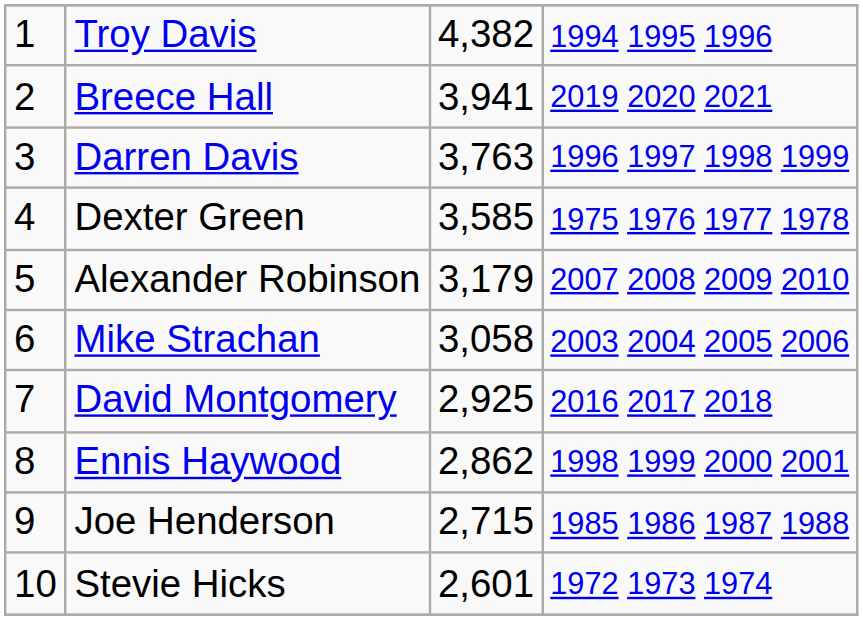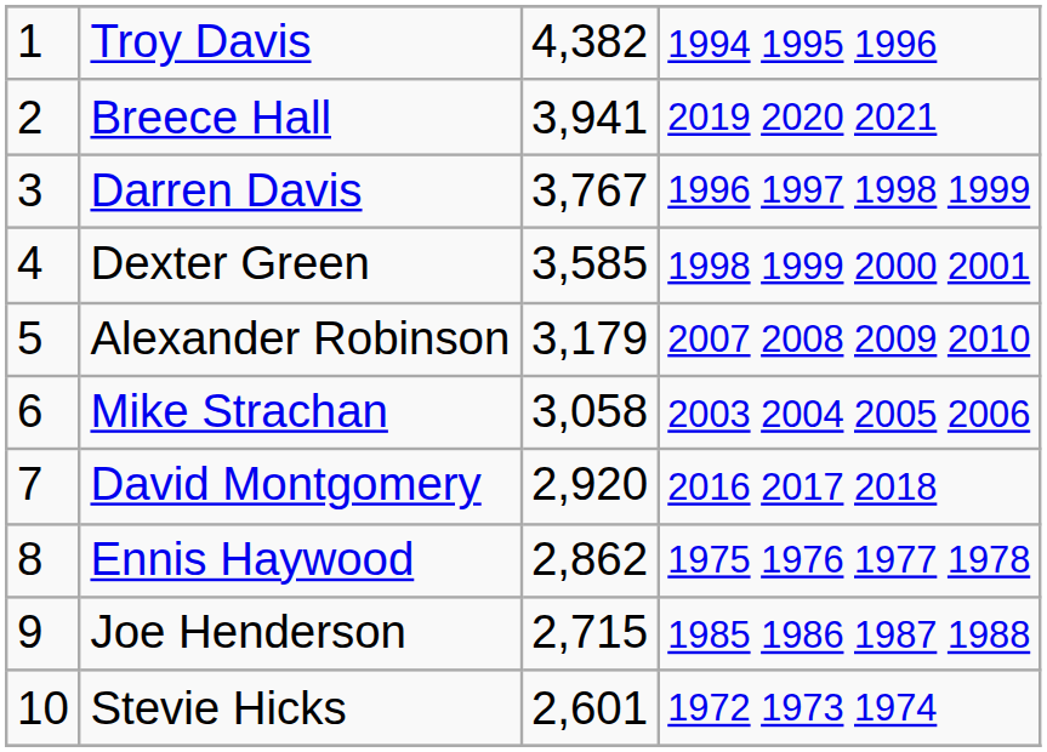 <table class="wikitable">
 <tr>
 </tr>
 <tr>
 <td>1</td>
 <td><a href='#'>Troy Davis</a></td>
 <td>4,382</td>
 <td style="font-size:80%;"><a href='#'>1994</a> <a href='#'>1995</a> <a href='#'>1996</a></td>
 </tr>
 <tr>
 <td>2</td>
 <td><a href='#'>Breece Hall</a></td>
 <td>3,941</td>
 <td style="font-size:80%;"><a href='#'>2019</a> <a href='#'>2020</a> <a href='#'>2021</a></td>
 </tr>
 <tr>
 <td>3</td>
 <td><a href='#'>Darren Davis</a></td>
-<td>3,763</td>
+<td>3,767</td>
 <td style="font-size:80%;"><a href='#'>1996</a> <a href='#'>1997</a> <a href='#'>1998</a> <a href='#'>1999</a></td>
 </tr>
 <tr>
 <td>4</td>
 <td>Dexter Green</td>
 <td>3,585</td>
-<td style="font-size:80%;"><a href='#'>1975</a> <a href='#'>1976</a> <a href='#'>1977</a> <a href='#'>1978</a></td>
+<td style="font-size:80%;"><a href='#'>1998</a> <a href='#'>1999</a> <a href='#'>2000</a> <a href='#'>2001</a></td>
 </tr>
 <tr>
 <td>5</td>
 <td>Alexander Robinson</td>
 <td>3,179</td>
 <td style="font-size:80%;"><a href='#'>2007</a> <a href='#'>2008</a> <a href='#'>2009</a> <a href='#'>2010</a></td>
 </tr>
 <tr>
 <td>6</td>
 <td><a href='#'>Mike Strachan</a></td>
 <td>3,058</td>
 <td style="font-size:80%;"><a href='#'>2003</a> <a href='#'>2004</a> <a href='#'>2005</a> <a href='#'>2006</a></td>
 </tr>
 <tr>
 <td>7</td>
 <td><a href='#'>David Montgomery</a></td>
-<td>2,925</td>
+<td>2,920</td>
 <td style="font-size:80%;"><a href='#'>2016</a> <a href='#'>2017</a> <a href='#'>2018</a></td>
 </tr>
 <tr>
 <td>8</td>
 <td><a href='#'>Ennis Haywood</a></td>
 <td>2,862</td>
-<td style="font-size:80%;"><a href='#'>1998</a> <a href='#'>1999</a> <a href='#'>2000</a> <a href='#'>2001</a></td>
+<td style="font-size:80%;"><a href='#'>1975</a> <a href='#'>1976</a> <a href='#'>1977</a> <a href='#'>1978</a></td>
 </tr>
 <tr>
 <td>9</td>
 <td>Joe Henderson</td>
 <td>2,715</td>
 <td style="font-size:80%;"><a href='#'>1985</a> <a href='#'>1986</a> <a href='#'>1987</a> <a href='#'>1988</a></td>
 </tr>
 <tr>
 <td>10</td>
 <td>Stevie Hicks</td>
 <td>2,601</td>
 <td style="font-size:80%;"><a href='#'>1972</a> <a href='#'>1973</a> <a href='#'>1974</a></td>
 </tr>
 <tr>
 </tr>
 </table>
